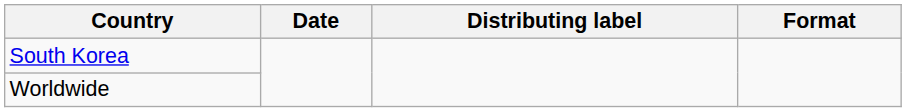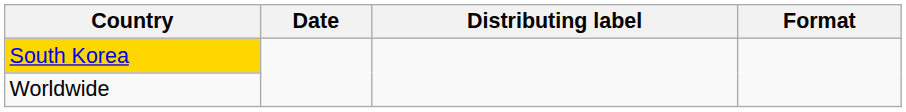 <table class="wikitable" style="width:670px;">
 <tr>
 <th>Country</th>
 <th>Date</th>
 <th>Distributing label</th>
 <th>Format</th>
 </tr>
 <tr>
-<td><a href='#'>South Korea</a></td>
+<td style="background: gold;"><a href='#'>South Korea</a></td>
 <td rowspan="2"></td>
 <td rowspan="2"></td>
 <td rowspan="2"></td>
 </tr>
 <tr>
 <td>Worldwide</td>
 </tr>
 </table>
